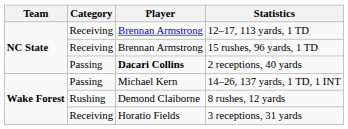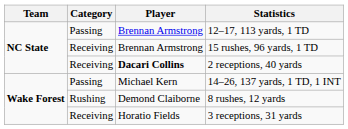 <table class="wikitable" style="float: left;">
 <tr>
 <th>Team</th>
 <th>Category</th>
 <th>Player</th>
 <th>Statistics</th>
 </tr>
 <tr>
 <td rowspan=3><strong>NC State</strong></td>
-<td>Receiving</td>
+<td>Passing</td>
 <td><a href='#'>Brennan Armstrong</a></td>
 <td>12–17, 113 yards, 1 TD</td>
 </tr>
 <tr>
 <td>Receiving</td>
 <td>Brennan Armstrong</td>
 <td>15 rushes, 96 yards, 1 TD</td>
 </tr>
 <tr>
-<td>Passing</td>
+<td>Receiving</td>
 <td><strong>Dacari Collins</strong></td>
 <td>2 receptions, 40 yards</td>
 </tr>
 <tr>
 <td rowspan=3><strong>Wake Forest</strong></td>
 <td>Passing</td>
 <td>Michael Kern</td>
 <td>14–26, 137 yards, 1 TD, 1 INT</td>
 </tr>
 <tr>
 <td>Rushing</td>
 <td>Demond Claiborne</td>
 <td>8 rushes, 12 yards</td>
 </tr>
 <tr>
 <td>Receiving</td>
 <td>Horatio Fields</td>
 <td>3 receptions, 31 yards</td>
 </tr>
 </table>
